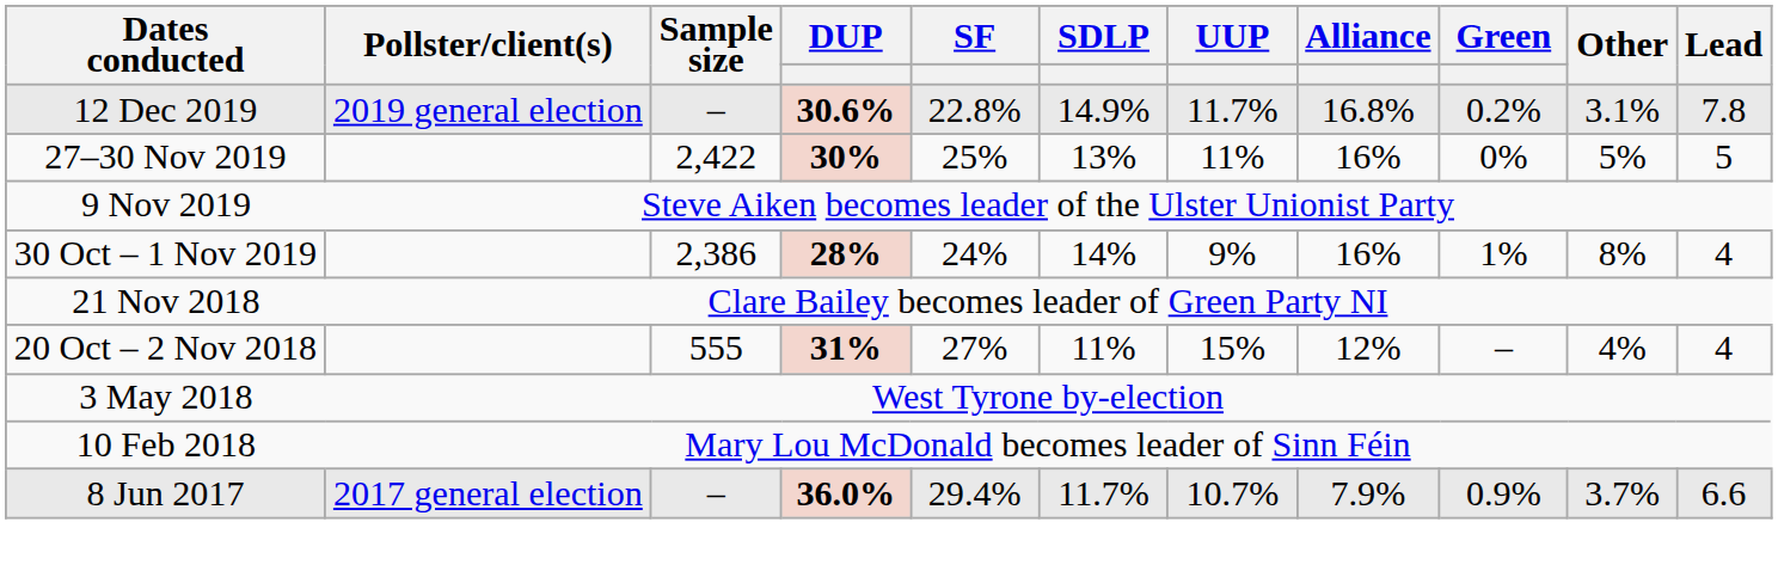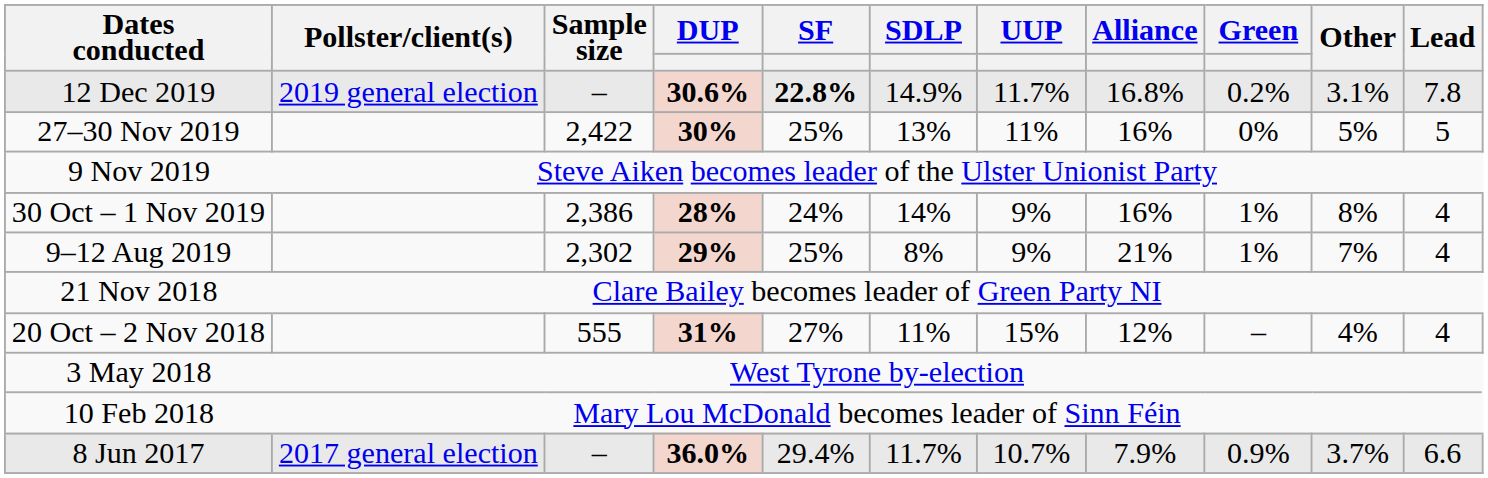 <table class="wikitable sortable mw-datatable" style="text-align:center;line-height:14px;">
 <tr>
 <th rowspan="2">Dates<br>conducted</th>
 <th rowspan="2">Pollster/client(s)</th>
 <th data-sort-type="number" rowspan="2">Sample<br>size</th>
 <th class="unsortable" style="width:50px;"><a href='#'>DUP</a></th>
 <th class="unsortable" style="width:50px;"><a href='#'>SF</a></th>
 <th class="unsortable" style="width:50px;"><a href='#'>SDLP</a></th>
 <th class="unsortable" style="width:50px;"><a href='#'>UUP</a></th>
 <th class="unsortable" style="width:50px;"><a href='#'>Alliance</a></th>
 <th class="unsortable" style="width:50px;"><a href='#'>Green</a></th>
 <th class="unsortable" rowspan="2">Other</th>
 <th data-sort-type="number" rowspan="2">Lead</th>
 </tr>
 <tr>
 <th data-sort-type="number" style="background:"></th>
 <th data-sort-type="number" style="background:"></th>
 <th data-sort-type="number" style="background:"></th>
 <th data-sort-type="number" style="background:"></th>
 <th data-sort-type="number" style="background:"></th>
 <th data-sort-type="number" style="background:"></th>
 </tr>
 <tr style="background:#E9E9E9;">
 <td data-sort-value="2017-06-08">12 Dec 2019</td>
 <td><a href='#'>2019 general election</a></td>
 <td>–</td>
 <td style="background:#F3D6CE;"><strong>30.6%</strong></td>
-<td>22.8%</td>
+<td><strong>22.8%</strong></td>
 <td>14.9%</td>
 <td>11.7%</td>
 <td>16.8%</td>
 <td>0.2%</td>
 <td>3.1%</td>
 <td style="background:">7.8</td>
 </tr>
 <tr>
 <td data-sort-value="2019-11-01">27–30 Nov 2019</td>
 <td></td>
 <td>2,422</td>
 <td style="background:#F3D6CE;"><strong>30%</strong></td>
 <td>25%</td>
 <td>13%</td>
 <td>11%</td>
 <td>16%</td>
 <td>0%</td>
 <td>5%</td>
 <td style="background:">5</td>
 </tr>
 <tr>
 <td style="border-right-style:hidden;" data-sort-value="2019-05-23">9 Nov 2019</td>
 <td colspan="10" style="border-right-style:hidden;"><a href='#'>Steve Aiken</a> <a href='#'>becomes leader</a> of the <a href='#'>Ulster Unionist Party</a></td>
 </tr>
 <tr>
 <td data-sort-value="2019-11-01">30 Oct – 1 Nov 2019</td>
 <td></td>
 <td>2,386</td>
 <td style="background:#F3D6CE;"><strong>28%</strong></td>
 <td>24%</td>
 <td>14%</td>
 <td>9%</td>
 <td>16%</td>
 <td>1%</td>
 <td>8% </td>
+<td style="background:">4</td>
+</tr>
+<tr>
+<td data-sort-value="2019-08-12">9–12 Aug 2019</td>
+<td></td>
+<td>2,302</td>
+<td style="background:#F3D6CE;"><strong>29%</strong></td>
+<td>25%</td>
+<td>8%</td>
+<td>9%</td>
+<td>21%</td>
+<td>1%</td>
+<td>7%</td>
 <td style="background:">4</td>
 </tr>
 <tr>
 <td style="border-right-style:hidden;" data-sort-value="2019-05-23">21 Nov 2018</td>
 <td colspan="10" style="border-right-style:hidden;"><a href='#'>Clare Bailey</a> becomes leader of <a href='#'>Green Party NI</a></td>
 </tr>
 <tr>
 <td data-sort-value="2018-11-02">20 Oct – 2 Nov 2018</td>
 <td></td>
 <td>555</td>
 <td style="background:#F3D6CE;"><strong>31%</strong></td>
 <td>27%</td>
 <td>11%</td>
 <td>15%</td>
 <td>12%</td>
 <td>–</td>
 <td>4%</td>
 <td style="background:">4</td>
 </tr>
 <tr>
 <td style="border-right-style:hidden;" data-sort-value="2018-05-03">3 May 2018</td>
 <td colspan="10" style="border-right-style:hidden;"><a href='#'>West Tyrone by-election</a></td>
 </tr>
 <tr>
 <td style="border-right-style:hidden;" data-sort-value="2018-02-10">10 Feb 2018</td>
 <td colspan="10" style="border-right-style:hidden;"><a href='#'>Mary Lou McDonald</a> becomes leader of <a href='#'>Sinn Féin</a></td>
 </tr>
 <tr style="background:#E9E9E9;">
 <td data-sort-value="2017-06-08">8 Jun 2017</td>
 <td><a href='#'>2017 general election</a></td>
 <td>–</td>
 <td style="background:#F3D6CE;"><strong>36.0%</strong></td>
 <td>29.4%</td>
 <td>11.7%</td>
 <td>10.7%</td>
 <td>7.9%</td>
 <td>0.9%</td>
 <td>3.7%</td>
 <td style="background:">6.6</td>
 </tr>
 </table>
